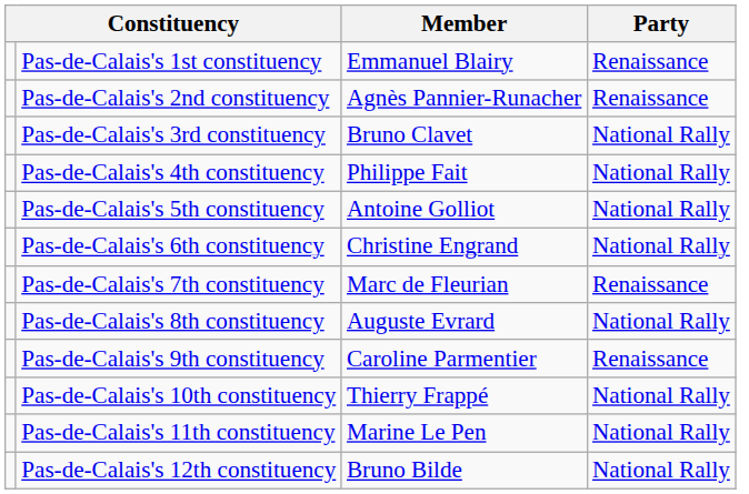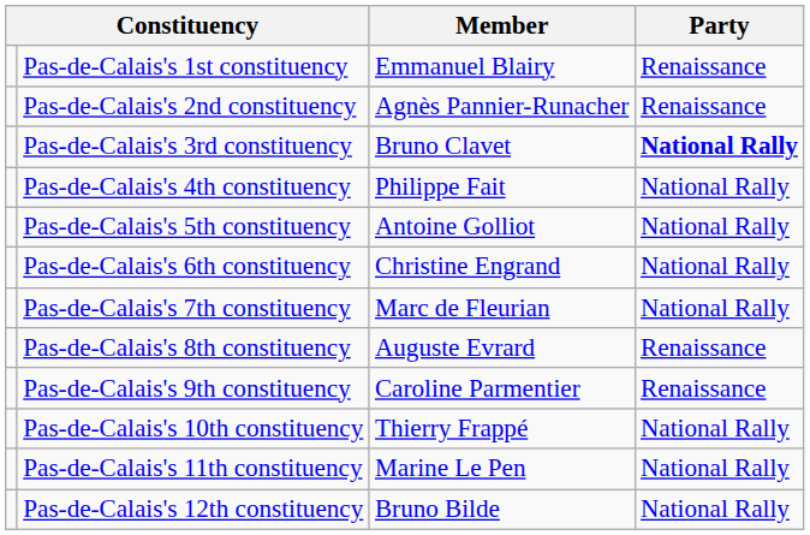 <table class="wikitable">
 <tr>
 <th colspan="2">Constituency</th>
 <th>Member</th>
 <th>Party</th>
 </tr>
 <tr>
 <td style="background-color: "></td>
 <td><a href='#'>Pas-de-Calais's 1st constituency</a></td>
 <td><a href='#'>Emmanuel Blairy</a></td>
 <td><a href='#'>Renaissance</a></td>
 </tr>
 <tr>
 <td style="background-color: "></td>
 <td><a href='#'>Pas-de-Calais's 2nd constituency</a></td>
 <td><a href='#'>Agnès Pannier-Runacher</a></td>
 <td><a href='#'>Renaissance</a></td>
 </tr>
 <tr>
 <td style="background-color: "></td>
 <td><a href='#'>Pas-de-Calais's 3rd constituency</a></td>
 <td><a href='#'>Bruno Clavet</a></td>
-<td><a href='#'>National Rally</a></td>
+<td><strong><a href='#'>National Rally</a></strong></td>
 </tr>
 <tr>
 <td style="background-color: "></td>
 <td><a href='#'>Pas-de-Calais's 4th constituency</a></td>
 <td><a href='#'>Philippe Fait</a></td>
 <td><a href='#'>National Rally</a></td>
 </tr>
 <tr>
 <td style="background-color: "></td>
 <td><a href='#'>Pas-de-Calais's 5th constituency</a></td>
 <td><a href='#'>Antoine Golliot</a></td>
 <td><a href='#'>National Rally</a></td>
 </tr>
 <tr>
 <td style="background-color: "></td>
 <td><a href='#'>Pas-de-Calais's 6th constituency</a></td>
 <td><a href='#'>Christine Engrand</a></td>
 <td><a href='#'>National Rally</a></td>
 </tr>
 <tr>
 <td style="background-color: "></td>
 <td><a href='#'>Pas-de-Calais's 7th constituency</a></td>
 <td><a href='#'>Marc de Fleurian</a></td>
-<td><a href='#'>Renaissance</a></td>
+<td><a href='#'>National Rally</a></td>
 </tr>
 <tr>
 <td style="background-color: "></td>
 <td><a href='#'>Pas-de-Calais's 8th constituency</a></td>
 <td><a href='#'>Auguste Evrard</a></td>
-<td><a href='#'>National Rally</a></td>
+<td><a href='#'>Renaissance</a></td>
 </tr>
 <tr>
 <td style="background-color: "></td>
 <td><a href='#'>Pas-de-Calais's 9th constituency</a></td>
 <td><a href='#'>Caroline Parmentier</a></td>
 <td><a href='#'>Renaissance</a></td>
 </tr>
 <tr>
 <td style="background-color: "></td>
 <td><a href='#'>Pas-de-Calais's 10th constituency</a></td>
 <td><a href='#'>Thierry Frappé</a></td>
 <td><a href='#'>National Rally</a></td>
 </tr>
 <tr>
 <td style="background-color: "></td>
 <td><a href='#'>Pas-de-Calais's 11th constituency</a></td>
 <td><a href='#'>Marine Le Pen</a></td>
 <td><a href='#'>National Rally</a></td>
 </tr>
 <tr>
 <td style="background-color: "></td>
 <td><a href='#'>Pas-de-Calais's 12th constituency</a></td>
 <td><a href='#'>Bruno Bilde</a></td>
 <td><a href='#'>National Rally</a></td>
 </tr>
 </table>
